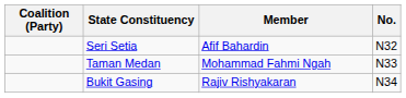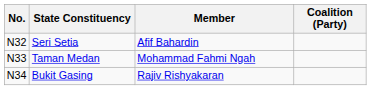 <table class="wikitable">
 <tr>
-<th width="100">Coalition (Party)</th>
+<th width="30">No.</th>
 <th width="150">State Constituency</th>
 <th width="230">Member</th>
-<th width="30">No.</th>
+<th width="100">Coalition (Party)</th>
 </tr>
 <tr>
-<td></td>
+<td>N32</td>
 <td><a href='#'>Seri Setia</a></td>
 <td><a href='#'>Afif Bahardin</a></td>
-<td>N32</td>
+<td></td>
 </tr>
 <tr>
-<td></td>
+<td>N33</td>
 <td><a href='#'>Taman Medan</a></td>
 <td><a href='#'>Mohammad Fahmi Ngah</a></td>
-<td>N33</td>
+<td></td>
 </tr>
 <tr>
-<td></td>
+<td>N34</td>
 <td><a href='#'>Bukit Gasing</a></td>
 <td><a href='#'>Rajiv Rishyakaran</a></td>
-<td>N34</td>
+<td></td>
 </tr>
 </table>
